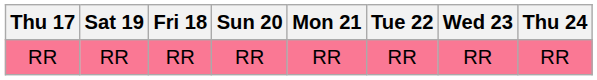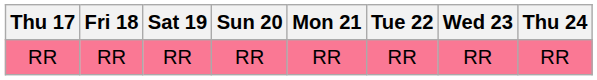 <table class="wikitable" style="margin:0.5em auto; font-size:90%; line-height:1.25em; text-align:center">
 <tr>
 <th>Thu 17</th>
+<th>Fri 18</th>
 <th>Sat 19</th>
-<th>Fri 18</th>
 <th>Sun 20</th>
 <th>Mon 21</th>
 <th>Tue 22</th>
 <th>Wed 23</th>
 <th>Thu 24</th>
 </tr>
 <tr>
 <td bgcolor="#FA7894">RR</td>
 <td bgcolor="#FA7894">RR</td>
 <td bgcolor="#FA7894">RR</td>
 <td bgcolor="#FA7894">RR</td>
 <td bgcolor="#FA7894">RR</td>
 <td bgcolor="#FA7894">RR</td>
 <td bgcolor="#FA7894">RR</td>
 <td bgcolor="#FA7894">RR</td>
 </tr>
 </table>
